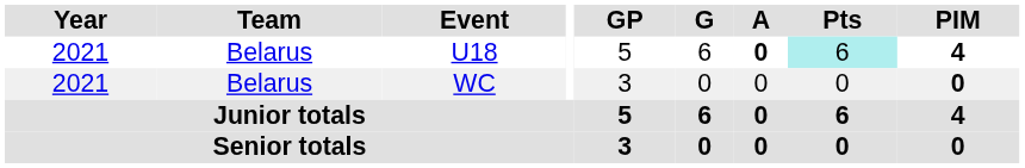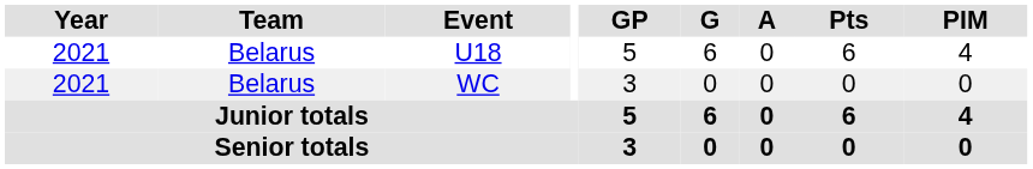 <table border="0" cellpadding="1" cellspacing="0" ID="Table3" style="text-align:center; width:40em">
 <tr bgcolor="#e0e0e0">
 <th>Year</th>
 <th>Team</th>
 <th>Event</th>
 <th rowspan="102" bgcolor="#ffffff"></th>
 <th>GP</th>
 <th>G</th>
 <th>A</th>
 <th>Pts</th>
 <th>PIM</th>
 </tr>
 <tr>
 <td><a href='#'>2021</a></td>
 <td><a href='#'>Belarus</a></td>
 <td><a href='#'>U18</a></td>
 <td>5</td>
 <td>6</td>
-<td><strong>0</strong></td>
-<td style="background: paleturquoise;">6</td>
-<td><strong>4</strong></td>
+<td>0</td>
+<td>6</td>
+<td>4</td>
 </tr>
 <tr bgcolor="#f0f0f0">
 <td><a href='#'>2021</a></td>
 <td><a href='#'>Belarus</a></td>
 <td><a href='#'>WC</a></td>
 <td>3</td>
 <td>0</td>
 <td>0</td>
 <td>0</td>
-<td><strong>0</strong></td>
+<td>0</td>
 </tr>
 <tr bgcolor="#e0e0e0">
 <th colspan="4">Junior totals</th>
 <th>5</th>
 <th>6</th>
 <th>0</th>
 <th>6</th>
 <th>4</th>
 </tr>
 <tr bgcolor="#e0e0e0">
 <th colspan="4">Senior totals</th>
 <th>3</th>
 <th>0</th>
 <th>0</th>
 <th>0</th>
 <th>0</th>
 </tr>
 </table>
